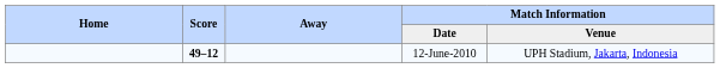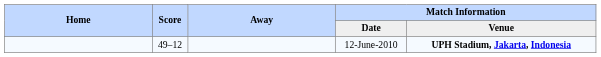 <table border=1 style="border-collapse:collapse; font-size:90%; text-align:center;" cellpadding=3 cellspacing=0 width=100%>
 <tr bgcolor=#C1D8FF>
 <th rowspan=2 width=25%>Home</th>
 <th rowspan=2 width=6%>Score</th>
 <th rowspan=2 width=25%>Away</th>
 <th colspan=6>Match Information</th>
 </tr>
 <tr bgcolor=#EFEFEF>
 <th width=12%>Date</th>
 <th width=32%>Venue</th>
 </tr>
 <tr bgcolor=#F5FAFF>
 <td align=right><strong></strong></td>
-<td><strong>49–12</strong></td>
+<td>49–12</td>
 <td align=left></td>
 <td>12-June-2010</td>
-<td>UPH Stadium, <a href='#'>Jakarta</a>, <a href='#'>Indonesia</a></td>
+<td><strong>UPH Stadium, <a href='#'>Jakarta</a>, <a href='#'>Indonesia</a></strong></td>
 </tr>
 </table>
